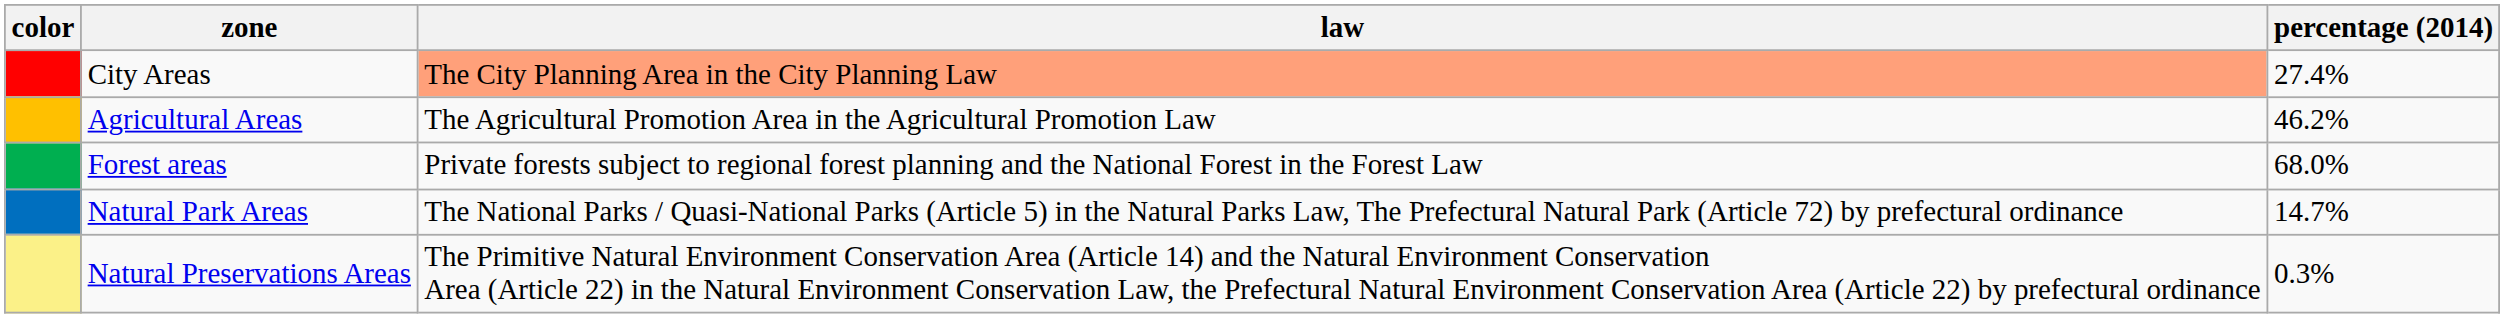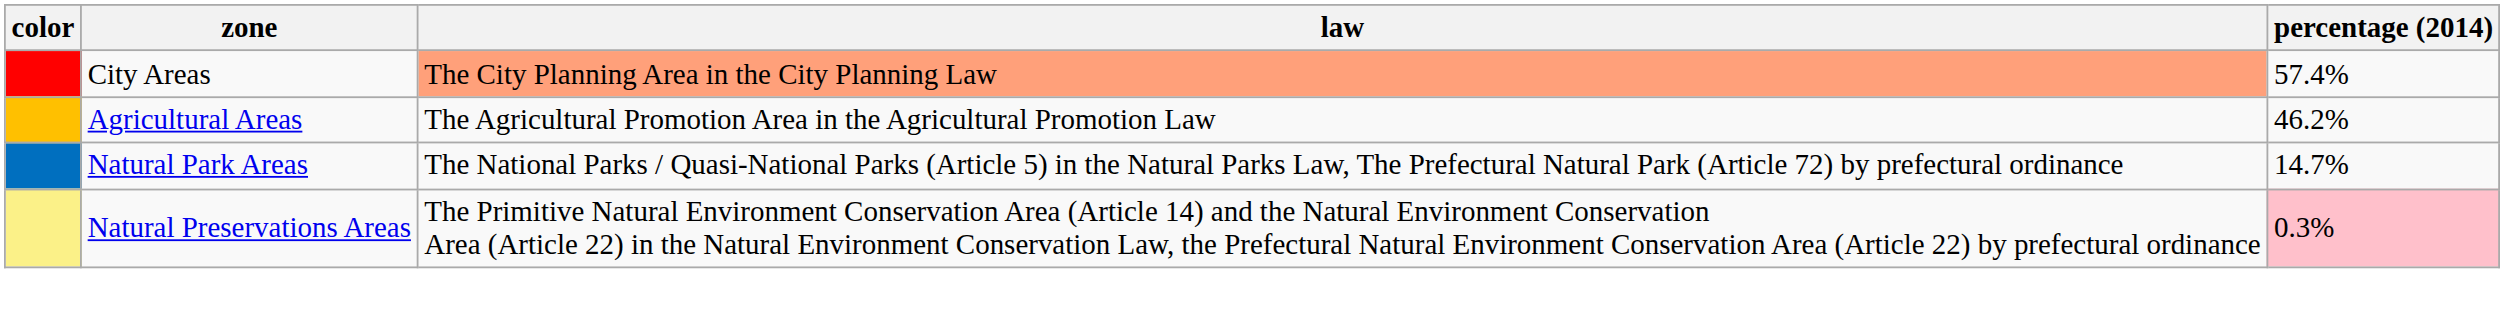 <table class="wikitable">
 <tr>
 <th>color</th>
 <th>zone</th>
 <th>law</th>
 <th>percentage (2014)</th>
 </tr>
 <tr>
 <td style="background:#ff0000;"></td>
 <td>City Areas</td>
 <td style="background: lightsalmon;">The City Planning Area in the City Planning Law</td>
-<td>27.4%</td>
+<td>57.4%</td>
 </tr>
 <tr>
 <td style="background:#ffc000;"></td>
 <td><a href='#'>Agricultural Areas</a></td>
 <td>The Agricultural Promotion Area in the Agricultural Promotion Law</td>
 <td>46.2%</td>
-</tr>
-<tr>
-<td style="background:#00af50;"></td>
-<td><a href='#'>Forest areas</a></td>
-<td>Private forests subject to regional forest planning and the National Forest in the Forest Law</td>
-<td>68.0%</td>
 </tr>
 <tr>
 <td style="background:#006fbf;"></td>
 <td><a href='#'>Natural Park Areas</a></td>
 <td>The National Parks / Quasi-National Parks (Article 5) in the Natural Parks Law, The Prefectural Natural Park (Article 72) by prefectural ordinance</td>
 <td>14.7%</td>
 </tr>
 <tr>
 <td style="background:#fbf188;"></td>
 <td><a href='#'>Natural Preservations Areas</a></td>
 <td>The Primitive Natural Environment Conservation Area (Article 14) and the Natural Environment Conservation<br>Area (Article 22) in the Natural Environment Conservation Law, the Prefectural Natural Environment Conservation Area (Article 22) by prefectural ordinance</td>
-<td>0.3%</td>
+<td style="background: pink;">0.3%</td>
 </tr>
 </table>
